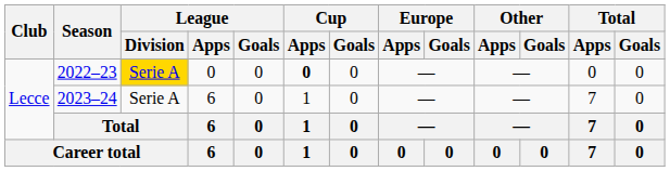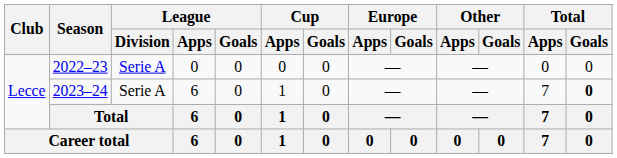 <table class="wikitable" style="text-align:center">
 <tr>
 <th rowspan="2">Club</th>
 <th rowspan="2">Season</th>
 <th colspan="3">League</th>
 <th colspan="2">Cup</th>
 <th colspan="2">Europe</th>
 <th colspan="2">Other</th>
 <th colspan="2">Total</th>
 </tr>
 <tr>
 <th>Division</th>
 <th>Apps</th>
 <th>Goals</th>
 <th>Apps</th>
 <th>Goals</th>
 <th>Apps</th>
 <th>Goals</th>
 <th>Apps</th>
 <th>Goals</th>
 <th>Apps</th>
 <th>Goals</th>
 </tr>
 <tr>
 <td rowspan="3"><a href='#'>Lecce</a></td>
 <td><a href='#'>2022–23</a></td>
-<td style="background: gold;"><a href='#'>Serie A</a></td>
+<td><a href='#'>Serie A</a></td>
 <td>0</td>
 <td>0</td>
-<td><strong>0</strong></td>
+<td>0</td>
 <td>0</td>
 <td colspan="2">—</td>
 <td colspan="2">—</td>
 <td>0</td>
 <td>0</td>
 </tr>
 <tr>
 <td><a href='#'>2023–24</a></td>
 <td>Serie A</td>
 <td>6</td>
 <td>0</td>
 <td>1</td>
 <td>0</td>
 <td colspan="2">—</td>
 <td colspan="2">—</td>
 <td>7</td>
-<td>0</td>
+<td><strong>0</strong></td>
 </tr>
 <tr>
 <th colspan="2">Total</th>
 <th>6</th>
 <th>0</th>
 <th>1</th>
 <th>0</th>
 <th colspan="2">—</th>
 <th colspan="2">—</th>
 <th>7</th>
 <th>0</th>
 </tr>
 <tr>
 <th colspan="3">Career total</th>
 <th>6</th>
 <th>0</th>
 <th>1</th>
 <th>0</th>
 <th>0</th>
 <th>0</th>
 <th>0</th>
 <th>0</th>
 <th>7</th>
 <th>0</th>
 </tr>
 </table>
